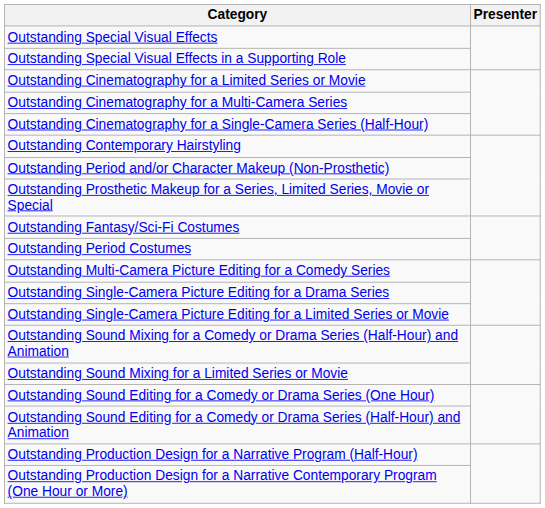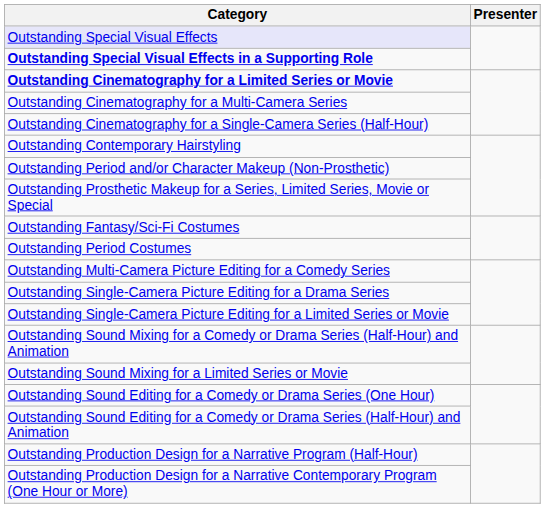 <table class="wikitable sortable" style="max-width:39em">
 <tr>
 <th scope="col">Category</th>
 <th scope="col">Presenter</th>
 </tr>
 <tr>
-<td><a href='#'>Outstanding Special Visual Effects</a></td>
+<td style="background: lavender;"><a href='#'>Outstanding Special Visual Effects</a></td>
 <td rowspan="2"></td>
 </tr>
 <tr>
-<td><a href='#'>Outstanding Special Visual Effects in a Supporting Role</a></td>
+<td><strong><a href='#'>Outstanding Special Visual Effects in a Supporting Role</a></strong></td>
 </tr>
 <tr>
-<td><a href='#'>Outstanding Cinematography for a Limited Series or Movie</a></td>
+<td><strong><a href='#'>Outstanding Cinematography for a Limited Series or Movie</a></strong></td>
 <td rowspan="3"></td>
 </tr>
 <tr>
 <td><a href='#'>Outstanding Cinematography for a Multi-Camera Series</a></td>
 </tr>
 <tr>
 <td><a href='#'>Outstanding Cinematography for a Single-Camera Series (Half-Hour)</a></td>
 </tr>
 <tr>
 <td><a href='#'>Outstanding Contemporary Hairstyling</a></td>
 <td rowspan="3"></td>
 </tr>
 <tr>
 <td><a href='#'>Outstanding Period and/or Character Makeup (Non-Prosthetic)</a></td>
 </tr>
 <tr>
 <td><a href='#'>Outstanding Prosthetic Makeup for a Series, Limited Series, Movie or Special</a></td>
 </tr>
 <tr>
 <td><a href='#'>Outstanding Fantasy/Sci-Fi Costumes</a></td>
 <td rowspan="2"></td>
 </tr>
 <tr>
 <td><a href='#'>Outstanding Period Costumes</a></td>
 </tr>
 <tr>
 <td><a href='#'>Outstanding Multi-Camera Picture Editing for a Comedy Series</a></td>
 <td rowspan="3"></td>
 </tr>
 <tr>
 <td><a href='#'>Outstanding Single-Camera Picture Editing for a Drama Series</a></td>
 </tr>
 <tr>
 <td><a href='#'>Outstanding Single-Camera Picture Editing for a Limited Series or Movie</a></td>
 </tr>
 <tr>
 <td><a href='#'>Outstanding Sound Mixing for a Comedy or Drama Series (Half-Hour) and Animation</a></td>
 <td rowspan="2"></td>
 </tr>
 <tr>
 <td><a href='#'>Outstanding Sound Mixing for a Limited Series or Movie</a></td>
 </tr>
 <tr>
 <td><a href='#'>Outstanding Sound Editing for a Comedy or Drama Series (One Hour)</a></td>
 <td rowspan="2"></td>
 </tr>
 <tr>
 <td><a href='#'>Outstanding Sound Editing for a Comedy or Drama Series (Half-Hour) and Animation</a></td>
 </tr>
 <tr>
 <td><a href='#'>Outstanding Production Design for a Narrative Program (Half-Hour)</a></td>
 <td rowspan="2"></td>
 </tr>
 <tr>
 <td><a href='#'>Outstanding Production Design for a Narrative Contemporary Program (One Hour or More)</a></td>
 </tr>
 </table>
